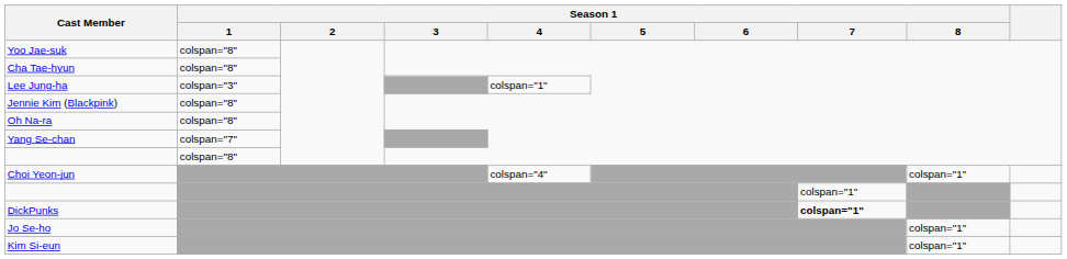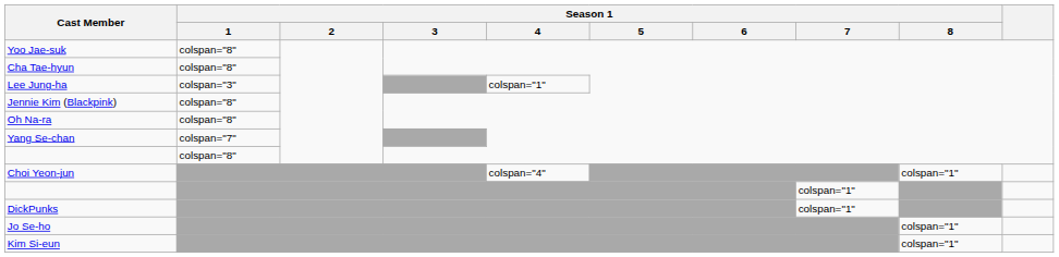 <table class="wikitable" style="font-size:80%">
 <tr>
 <th style=width:10% rowspan="2">Cast Member</th>
 <th style=width:10% colspan="8">Season 1</th>
 <th style=width:3% rowspan="2"></th>
 </tr>
 <tr>
 <th width="6%">1</th>
 <th width="6%">2</th>
 <th width="6%">3</th>
 <th width="6%">4</th>
 <th width="6%">5</th>
 <th width="6%">6</th>
 <th width="6%">7</th>
 <th width="6%">8</th>
 </tr>
 <tr>
 <td><a href='#'>Yoo Jae-suk</a></td>
 <td>colspan="8" </td>
 <td rowspan="7"></td>
 </tr>
 <tr>
 <td><a href='#'>Cha Tae-hyun</a></td>
 <td>colspan="8" </td>
 </tr>
 <tr>
 <td><a href='#'>Lee Jung-ha</a></td>
 <td>colspan="3" </td>
 <td colspan="1" bgcolor="darkgray"></td>
 <td>colspan="1" </td>
 </tr>
 <tr>
 <td><a href='#'>Jennie Kim</a> (<a href='#'>Blackpink</a>)</td>
 <td>colspan="8" </td>
 </tr>
 <tr>
 <td><a href='#'>Oh Na-ra</a></td>
 <td>colspan="8" </td>
 </tr>
 <tr>
 <td><a href='#'>Yang Se-chan</a></td>
 <td>colspan="7" </td>
 <td colspan="1" bgcolor="darkgray"></td>
 </tr>
 <tr>
 <td></td>
 <td>colspan="8" </td>
 </tr>
 <tr>
 <td><a href='#'>Choi Yeon-jun</a></td>
 <td colspan="3" bgcolor="darkgray"></td>
 <td>colspan="4" </td>
 <td colspan="3" bgcolor="darkgray"></td>
 <td>colspan="1" </td>
 <td></td>
 </tr>
 <tr>
 <td></td>
 <td colspan="6" bgcolor="darkgray"></td>
 <td>colspan="1" </td>
 <td colspan="1" bgcolor="darkgray"></td>
 <td></td>
 </tr>
 <tr>
 <td><a href='#'>DickPunks</a></td>
 <td colspan="6" bgcolor="darkgray"></td>
-<td><strong>colspan="1" </strong></td>
+<td>colspan="1" </td>
 <td colspan="1" bgcolor="darkgray"></td>
 <td></td>
 </tr>
 <tr>
 <td><a href='#'>Jo Se-ho</a></td>
 <td colspan="7" bgcolor="darkgray"></td>
 <td>colspan="1" </td>
 <td></td>
 </tr>
 <tr>
 <td><a href='#'>Kim Si-eun</a></td>
 <td colspan="7" bgcolor="darkgray"></td>
 <td>colspan="1" </td>
 <td></td>
 </tr>
 </table>
